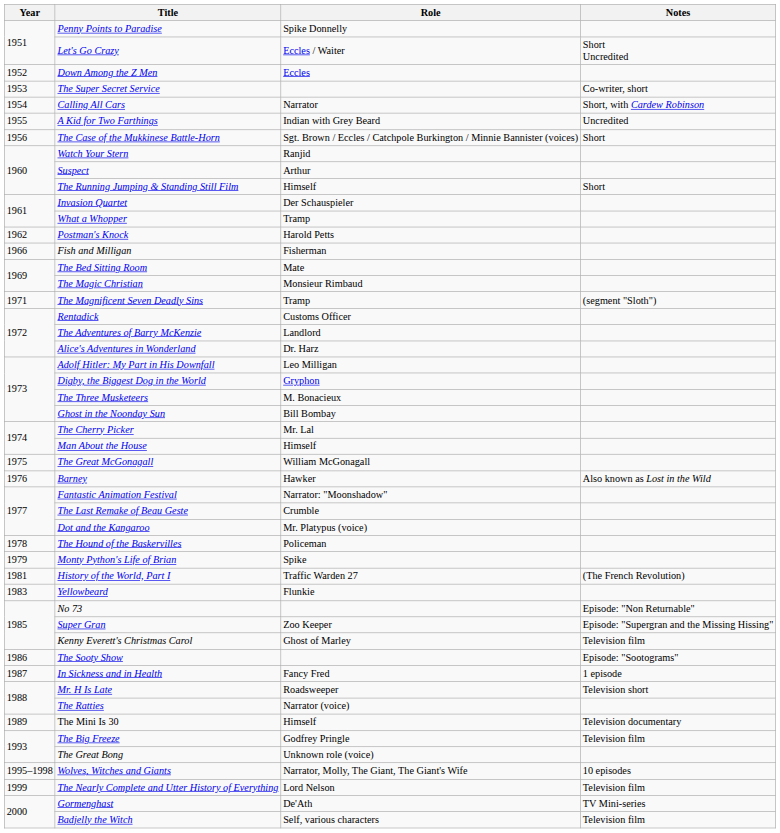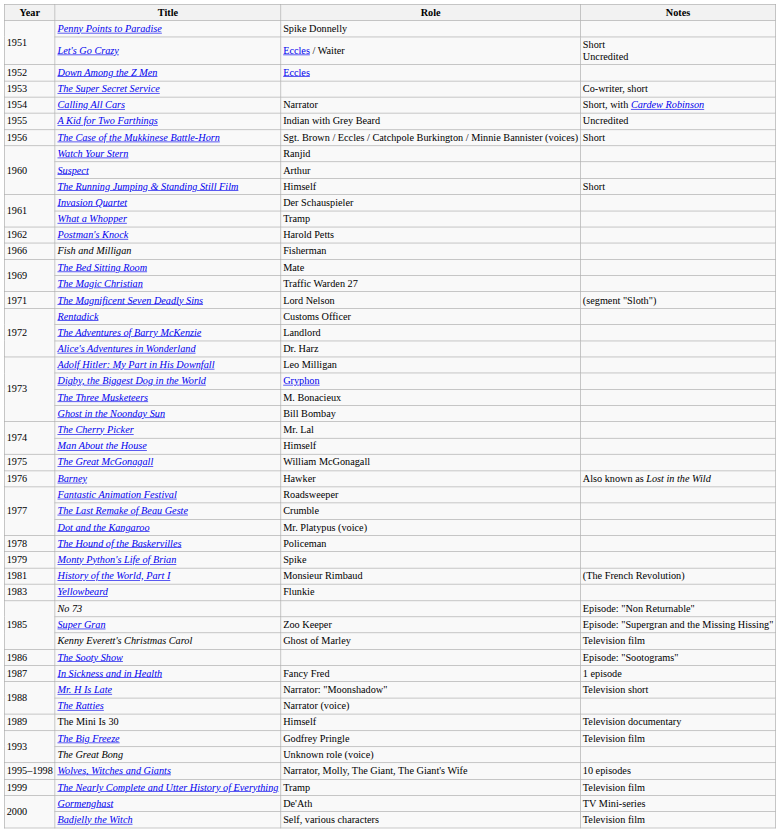 <table class="wikitable sortable">
 <tr>
 <th>Year</th>
 <th>Title</th>
 <th>Role</th>
 <th class="unsortable">Notes</th>
 </tr>
 <tr>
 <td rowspan=2>1951</td>
 <td><em><a href='#'>Penny Points to Paradise</a></em></td>
 <td>Spike Donnelly</td>
 <td></td>
 </tr>
 <tr>
 <td><em><a href='#'>Let's Go Crazy</a></em></td>
 <td><a href='#'>Eccles</a> / Waiter</td>
 <td>Short<br>Uncredited</td>
 </tr>
 <tr>
 <td>1952</td>
 <td><em><a href='#'>Down Among the Z Men</a></em></td>
 <td><a href='#'>Eccles</a></td>
 <td></td>
 </tr>
 <tr>
 <td>1953</td>
 <td><em><a href='#'>The Super Secret Service</a></em></td>
 <td></td>
 <td>Co-writer, short</td>
 </tr>
 <tr>
 <td>1954</td>
 <td><em><a href='#'>Calling All Cars</a></em></td>
 <td>Narrator</td>
 <td>Short, with <em><a href='#'>Cardew Robinson</a></em></td>
 </tr>
 <tr>
 <td>1955</td>
 <td><em><a href='#'>A Kid for Two Farthings</a></em></td>
 <td>Indian with Grey Beard</td>
 <td>Uncredited</td>
 </tr>
 <tr>
 <td>1956</td>
 <td><em><a href='#'>The Case of the Mukkinese Battle-Horn</a></em></td>
 <td>Sgt. Brown / Eccles / Catchpole Burkington / Minnie Bannister (voices)</td>
 <td>Short</td>
 </tr>
 <tr>
 <td rowspan=3>1960</td>
 <td><em><a href='#'>Watch Your Stern</a></em></td>
 <td>Ranjid</td>
 <td></td>
 </tr>
 <tr>
 <td><em><a href='#'>Suspect</a></em></td>
 <td>Arthur</td>
 <td></td>
 </tr>
 <tr>
 <td><em><a href='#'>The Running Jumping & Standing Still Film</a></em></td>
 <td>Himself</td>
 <td>Short</td>
 </tr>
 <tr>
 <td rowspan=2>1961</td>
 <td><em><a href='#'>Invasion Quartet</a></em></td>
 <td>Der Schauspieler</td>
 <td></td>
 </tr>
 <tr>
 <td><em><a href='#'>What a Whopper</a></em></td>
 <td>Tramp</td>
 <td></td>
 </tr>
 <tr>
 <td>1962</td>
 <td><em><a href='#'>Postman's Knock</a></em></td>
 <td>Harold Petts</td>
 <td></td>
 </tr>
 <tr>
 <td>1966</td>
 <td><em>Fish and Milligan </em></td>
 <td>Fisherman</td>
 <td></td>
 </tr>
 <tr>
 <td rowspan=2>1969</td>
 <td><em><a href='#'>The Bed Sitting Room</a></em></td>
 <td>Mate</td>
 <td></td>
 </tr>
 <tr>
 <td><em><a href='#'>The Magic Christian</a></em></td>
-<td>Monsieur Rimbaud</td>
+<td>Traffic Warden 27</td>
 <td></td>
 </tr>
 <tr>
 <td>1971</td>
 <td><em><a href='#'>The Magnificent Seven Deadly Sins</a></em></td>
-<td>Tramp</td>
+<td>Lord Nelson</td>
 <td>(segment "Sloth")</td>
 </tr>
 <tr>
 <td rowspan=3>1972</td>
 <td><em><a href='#'>Rentadick</a></em></td>
 <td>Customs Officer</td>
 <td></td>
 </tr>
 <tr>
 <td><em><a href='#'>The Adventures of Barry McKenzie</a></em></td>
 <td>Landlord</td>
 <td></td>
 </tr>
 <tr>
 <td><em><a href='#'>Alice's Adventures in Wonderland</a></em></td>
 <td>Dr. Harz</td>
 <td></td>
 </tr>
 <tr>
 <td rowspan=4>1973</td>
 <td><em><a href='#'>Adolf Hitler: My Part in His Downfall</a></em></td>
 <td>Leo Milligan</td>
 <td></td>
 </tr>
 <tr>
 <td><em><a href='#'>Digby, the Biggest Dog in the World</a></em></td>
 <td><a href='#'>Gryphon</a></td>
 <td></td>
 </tr>
 <tr>
 <td><em><a href='#'>The Three Musketeers</a></em></td>
 <td>M. Bonacieux</td>
 <td></td>
 </tr>
 <tr>
 <td><em><a href='#'>Ghost in the Noonday Sun</a></em></td>
 <td>Bill Bombay</td>
 <td></td>
 </tr>
 <tr>
 <td rowspan=2>1974</td>
 <td><em><a href='#'>The Cherry Picker</a></em></td>
 <td>Mr. Lal</td>
 <td></td>
 </tr>
 <tr>
 <td><em><a href='#'>Man About the House</a></em></td>
 <td>Himself</td>
 <td></td>
 </tr>
 <tr>
 <td>1975</td>
 <td><em><a href='#'>The Great McGonagall</a></em></td>
 <td>William McGonagall</td>
 <td></td>
 </tr>
 <tr>
 <td>1976</td>
 <td><em><a href='#'>Barney</a></em></td>
 <td>Hawker</td>
 <td>Also known as <em>Lost in the Wild</em></td>
 </tr>
 <tr>
 <td rowspan=3>1977</td>
 <td><em><a href='#'>Fantastic Animation Festival</a></em></td>
-<td>Narrator: "Moonshadow"</td>
+<td>Roadsweeper</td>
 <td></td>
 </tr>
 <tr>
 <td><em><a href='#'>The Last Remake of Beau Geste</a></em></td>
 <td>Crumble</td>
 <td></td>
 </tr>
 <tr>
 <td><em><a href='#'>Dot and the Kangaroo</a></em></td>
 <td>Mr. Platypus (voice)</td>
 <td></td>
 </tr>
 <tr>
 <td>1978</td>
 <td><em><a href='#'>The Hound of the Baskervilles</a></em></td>
 <td>Policeman</td>
 <td></td>
 </tr>
 <tr>
 <td>1979</td>
 <td><em><a href='#'>Monty Python's Life of Brian</a></em></td>
 <td>Spike</td>
 <td></td>
 </tr>
 <tr>
 <td>1981</td>
 <td><em><a href='#'>History of the World, Part I</a></em></td>
-<td>Traffic Warden 27</td>
+<td>Monsieur Rimbaud</td>
 <td>(The French Revolution)</td>
 </tr>
 <tr>
 <td>1983</td>
 <td><em><a href='#'>Yellowbeard</a></em></td>
 <td>Flunkie</td>
 <td></td>
 </tr>
 <tr>
 <td rowspan="3'">1985</td>
 <td><em>No 73</em></td>
 <td></td>
 <td>Episode: "Non Returnable"</td>
 </tr>
 <tr>
 <td><em><a href='#'>Super Gran</a></em></td>
 <td>Zoo Keeper</td>
 <td>Episode: "Supergran and the Missing Hissing"</td>
 </tr>
 <tr>
 <td><em>Kenny Everett's Christmas Carol</em></td>
 <td>Ghost of Marley</td>
 <td>Television film</td>
 </tr>
 <tr>
 <td>1986</td>
 <td><em><a href='#'>The Sooty Show</a></em></td>
 <td></td>
 <td>Episode: "Sootograms"</td>
 </tr>
 <tr>
 <td>1987</td>
 <td><em><a href='#'>In Sickness and in Health</a></em></td>
 <td>Fancy Fred</td>
 <td>1 episode</td>
 </tr>
 <tr>
 <td rowspan="2">1988</td>
 <td><em><a href='#'>Mr. H Is Late</a></em></td>
-<td>Roadsweeper</td>
+<td>Narrator: "Moonshadow"</td>
 <td>Television short</td>
 </tr>
 <tr>
 <td><em><a href='#'>The Ratties</a></em></td>
 <td>Narrator (voice)</td>
 <td></td>
 </tr>
 <tr>
 <td>1989</td>
 <td>The Mini Is 30</td>
 <td>Himself</td>
 <td>Television documentary</td>
 </tr>
 <tr>
 <td rowspan="2">1993</td>
 <td><em><a href='#'>The Big Freeze</a></em></td>
 <td>Godfrey Pringle</td>
 <td>Television film</td>
 </tr>
 <tr>
 <td><em>The Great Bong</em></td>
 <td>Unknown role (voice)</td>
 <td></td>
 </tr>
 <tr>
 <td>1995–1998</td>
 <td><em><a href='#'>Wolves, Witches and Giants</a></em></td>
 <td>Narrator, Molly, The Giant, The Giant's Wife</td>
 <td>10 episodes</td>
 </tr>
 <tr>
 <td>1999</td>
 <td><em><a href='#'>The Nearly Complete and Utter History of Everything</a></em></td>
-<td>Lord Nelson</td>
+<td>Tramp</td>
 <td>Television film</td>
 </tr>
 <tr>
 <td rowspan=2>2000</td>
 <td><em><a href='#'>Gormenghast</a></em></td>
 <td>De'Ath</td>
 <td>TV Mini-series</td>
 </tr>
 <tr>
 <td><em><a href='#'>Badjelly the Witch</a></em></td>
 <td>Self, various characters</td>
 <td>Television film</td>
 </tr>
 </table>
